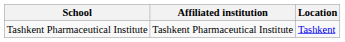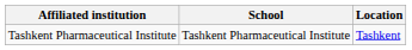 <table class="wikitable sortable">
 <tr>
+<th>Affiliated institution</th>
 <th>School</th>
-<th>Affiliated institution</th>
 <th>Location</th>
 </tr>
 <tr>
 <td>Tashkent Pharmaceutical Institute</td>
 <td>Tashkent Pharmaceutical Institute</td>
 <td><a href='#'>Tashkent</a></td>
 </tr>
 </table>
